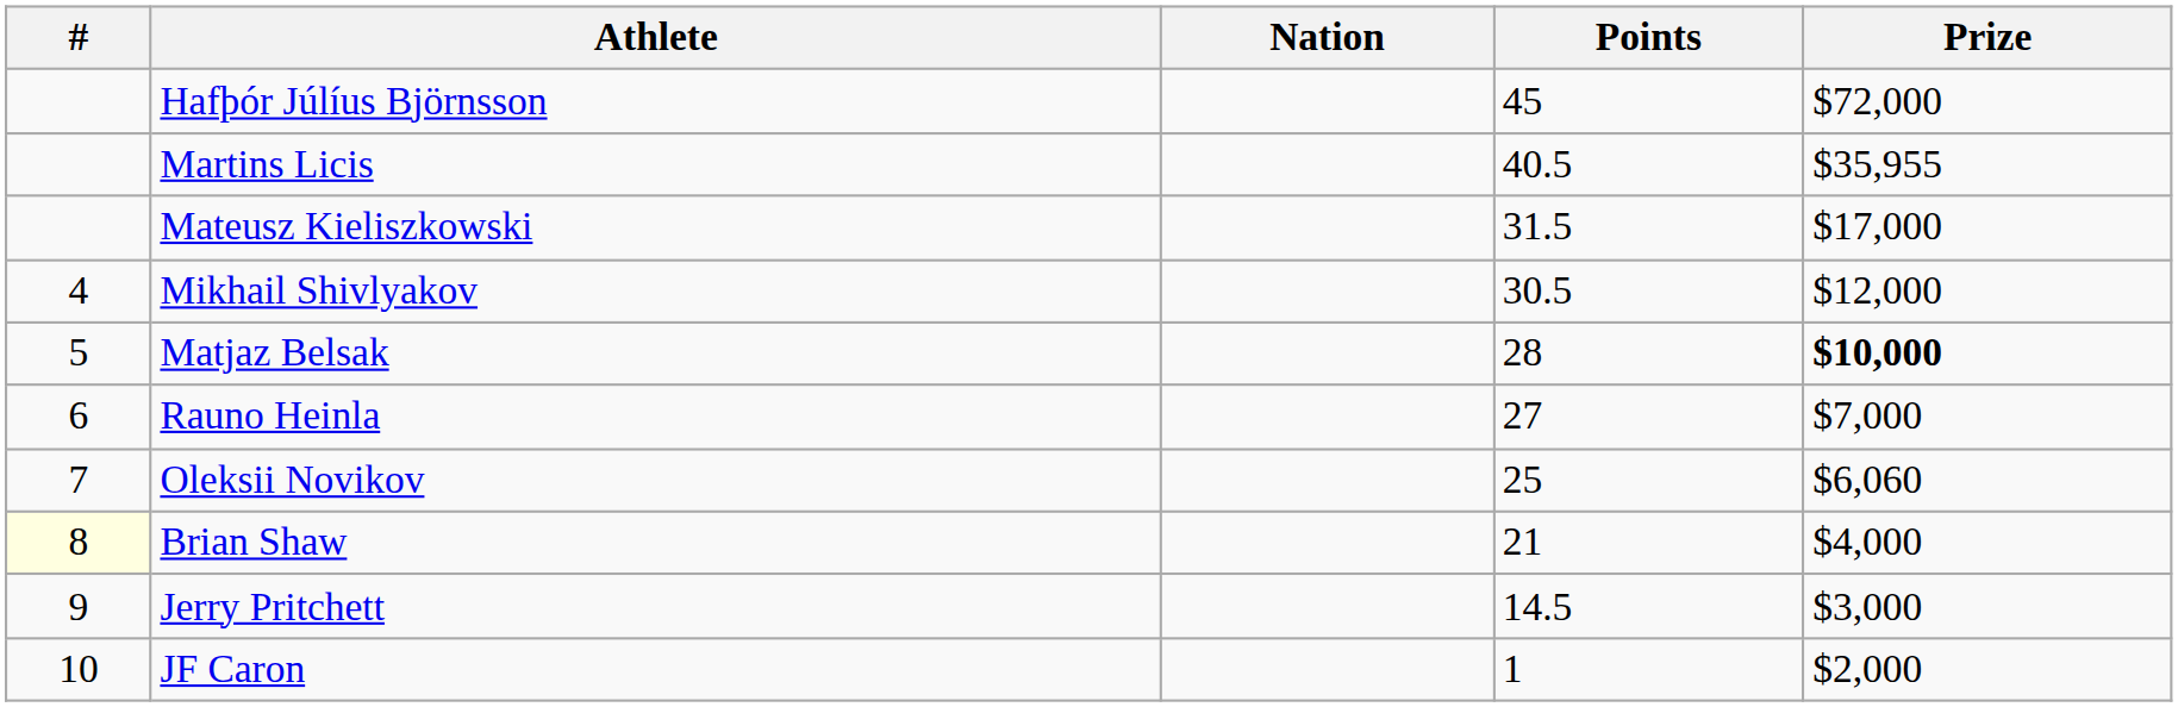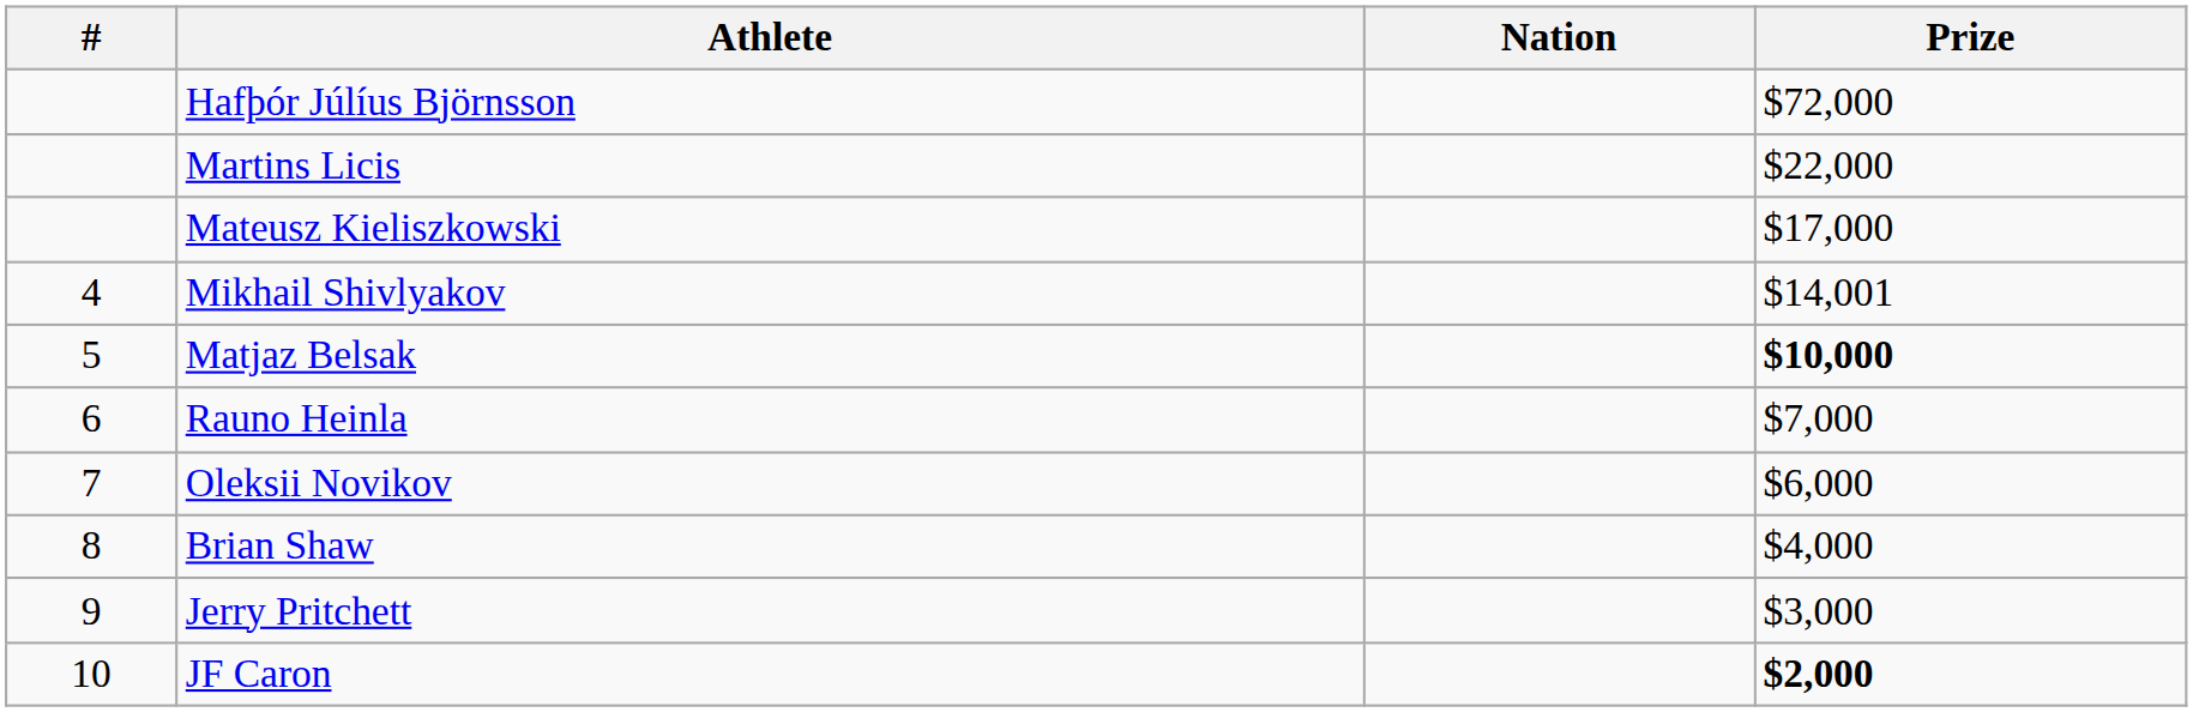 <table class="wikitable" style="display: inline-table;width: 55%;">
 <tr>
 <th scope="col">#</th>
 <th scope="col">Athlete</th>
 <th scope="col">Nation</th>
-<th scope="col">Points</th>
 <th scope="col">Prize</th>
 </tr>
 <tr 30>
 <td align="center"></td>
 <td><a href='#'>Hafþór Júlíus Björnsson</a></td>
 <td></td>
-<td>45</td>
 <td>$72,000</td>
 </tr>
 <tr>
 <td align="center"></td>
 <td><a href='#'>Martins Licis</a></td>
 <td></td>
-<td>40.5</td>
-<td>$35,955</td>
+<td>$22,000</td>
 </tr>
 <tr>
 <td align="center"></td>
 <td><a href='#'>Mateusz Kieliszkowski</a></td>
 <td></td>
-<td>31.5</td>
 <td>$17,000</td>
 </tr>
 <tr>
 <td align="center">4</td>
 <td><a href='#'>Mikhail Shivlyakov</a></td>
 <td></td>
-<td>30.5</td>
-<td>$12,000</td>
+<td>$14,001</td>
 </tr>
 <tr>
 <td align="center">5</td>
 <td><a href='#'>Matjaz Belsak</a></td>
 <td></td>
-<td>28</td>
 <td><strong>$10,000</strong></td>
 </tr>
 <tr>
 <td align="center">6</td>
 <td><a href='#'>Rauno Heinla</a></td>
 <td></td>
-<td>27</td>
 <td>$7,000</td>
 </tr>
 <tr>
 <td align="center">7</td>
 <td><a href='#'>Oleksii Novikov</a></td>
 <td></td>
-<td>25</td>
-<td>$6,060</td>
+<td>$6,000</td>
 </tr>
 <tr>
-<td align="center" style="background: lightyellow;">8</td>
+<td align="center">8</td>
 <td><a href='#'>Brian Shaw</a></td>
 <td></td>
-<td>21</td>
 <td>$4,000</td>
 </tr>
 <tr>
 <td align="center">9</td>
 <td><a href='#'>Jerry Pritchett</a></td>
 <td></td>
-<td>14.5</td>
 <td>$3,000</td>
 </tr>
 <tr>
 <td align="center">10</td>
 <td><a href='#'>JF Caron</a></td>
 <td></td>
-<td>1</td>
-<td>$2,000</td>
+<td><strong>$2,000</strong></td>
 </tr>
 </table>
